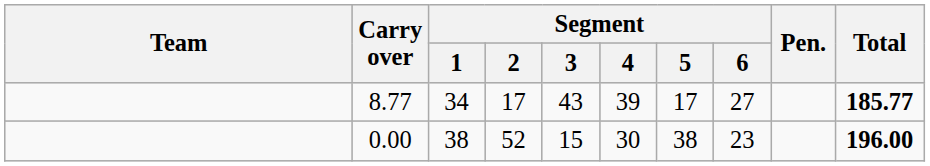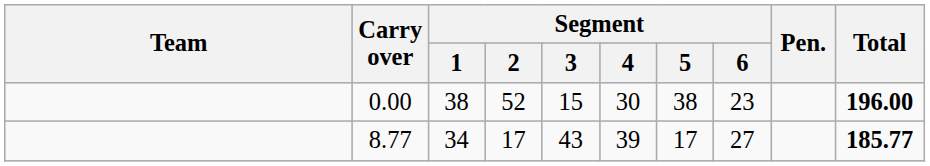 <table class=wikitable style="text-align:center">
 <tr>
 <th rowspan="2" width=220>Team</th>
 <th rowspan=2 width=40>Carry over</th>
 <th colspan=6>Segment</th>
 <th rowspan=2 width=35>Pen.</th>
 <th rowspan=2 width=50>Total</th>
 </tr>
 <tr>
 <th width=30>1</th>
 <th width=30>2</th>
 <th width=30>3</th>
 <th width=30>4</th>
 <th width=30>5</th>
 <th width=30>6</th>
 </tr>
 <tr>
+<td align=left><strong></strong></td>
+<td>0.00</td>
+<td>38</td>
+<td>52</td>
+<td>15</td>
+<td>30</td>
+<td>38</td>
+<td>23</td>
+<td></td>
+<td><strong>196.00</strong></td>
+</tr>
+<tr>
 <td align=left></td>
 <td>8.77</td>
 <td>34</td>
 <td>17</td>
 <td>43</td>
 <td>39</td>
 <td>17</td>
 <td>27</td>
 <td></td>
 <td><strong>185.77</strong></td>
 </tr>
-<tr>
-<td align=left><strong></strong></td>
-<td>0.00</td>
-<td>38</td>
-<td>52</td>
-<td>15</td>
-<td>30</td>
-<td>38</td>
-<td>23</td>
-<td></td>
-<td><strong>196.00</strong></td>
-</tr>
 </table>
